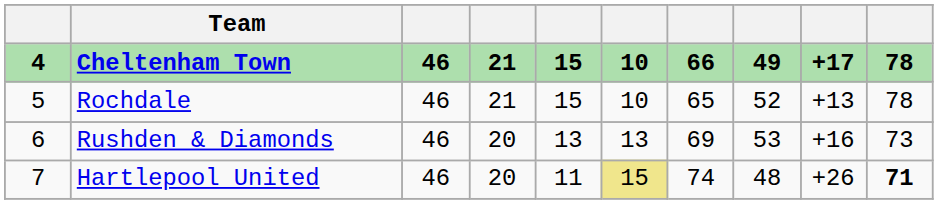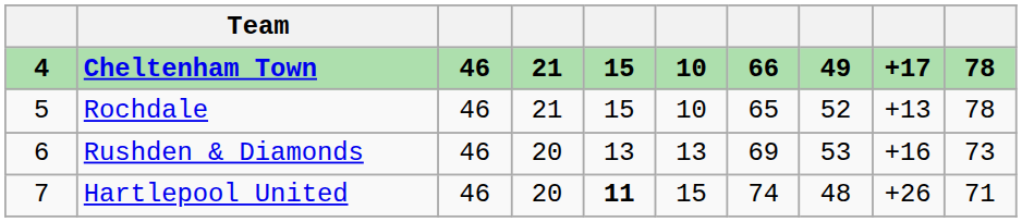 <table class="wikitable" style="text-align:center">
 <tr>
 <th width="30"></th>
 <th width="175">Team</th>
 <th width="30"></th>
 <th width="30"></th>
 <th width="30"></th>
 <th width="30"></th>
 <th width="30"></th>
 <th width="30"></th>
 <th width="30"></th>
 <th width="30"></th>
 </tr>
 <tr bgcolor=#ADDFAD>
 <td><strong>4</strong></td>
 <td align=left><strong><a href='#'>Cheltenham Town</a></strong></td>
 <td><strong>46</strong></td>
 <td><strong>21</strong></td>
 <td><strong>15</strong></td>
 <td><strong>10</strong></td>
 <td><strong>66</strong></td>
 <td><strong>49</strong></td>
 <td><strong>+17</strong></td>
 <td><strong>78</strong></td>
 </tr>
 <tr>
 <td>5</td>
 <td align=left><a href='#'>Rochdale</a></td>
 <td>46</td>
 <td>21</td>
 <td>15</td>
 <td>10</td>
 <td>65</td>
 <td>52</td>
 <td>+13</td>
 <td>78</td>
 </tr>
 <tr>
 <td>6</td>
 <td align=left><a href='#'>Rushden & Diamonds</a></td>
 <td>46</td>
 <td>20</td>
 <td>13</td>
 <td>13</td>
 <td>69</td>
 <td>53</td>
 <td>+16</td>
 <td>73</td>
 </tr>
 <tr>
 <td>7</td>
 <td align=left><a href='#'>Hartlepool United</a></td>
 <td>46</td>
 <td>20</td>
-<td>11</td>
-<td style="background: khaki;">15</td>
+<td><strong>11</strong></td>
+<td>15</td>
 <td>74</td>
 <td>48</td>
 <td>+26</td>
-<td><strong>71</strong></td>
+<td>71</td>
 </tr>
 </table>
